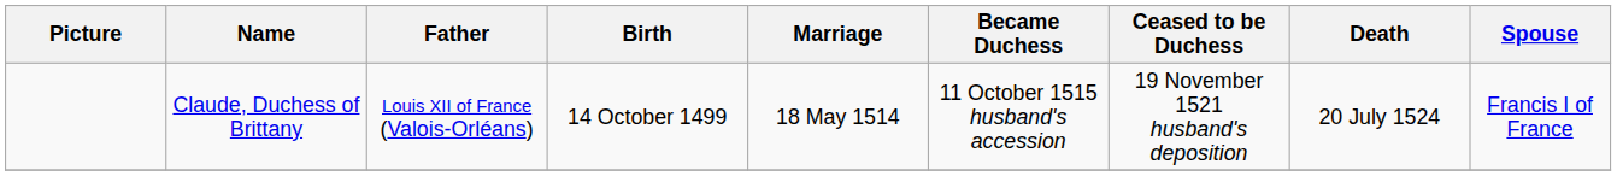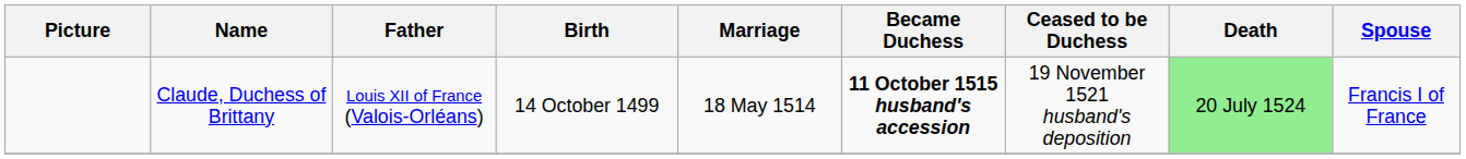 <table width=95% class="wikitable">
 <tr>
 <th width = "8%">Picture</th>
 <th width = "10%">Name</th>
 <th width = "9%">Father</th>
 <th width = "10%">Birth</th>
 <th width = "9%">Marriage</th>
 <th width = "9%">Became Duchess</th>
 <th width = "9%">Ceased to be Duchess</th>
 <th width = "9%">Death</th>
 <th width = "7%"><a href='#'>Spouse</a></th>
 </tr>
 <tr>
 <td align="center"></td>
 <td align="center"><a href='#'>Claude, Duchess of Brittany</a></td>
 <td align="center"><small><a href='#'>Louis XII of France</a></small><br> (<a href='#'>Valois-Orléans</a>)</td>
 <td align="center">14 October 1499</td>
 <td align="center">18 May 1514</td>
-<td align="center">11 October 1515<br><em>husband's accession</em></td>
+<td align="center"><strong>11 October 1515<br><em>husband's accession</em></strong></td>
 <td align="center">19 November 1521<br><em>husband's deposition</em></td>
-<td align="center">20 July 1524</td>
+<td align="center" style="background: lightgreen;">20 July 1524</td>
 <td align="center"><a href='#'>Francis I of France</a></td>
 </tr>
 <tr>
 </tr>
 </table>
